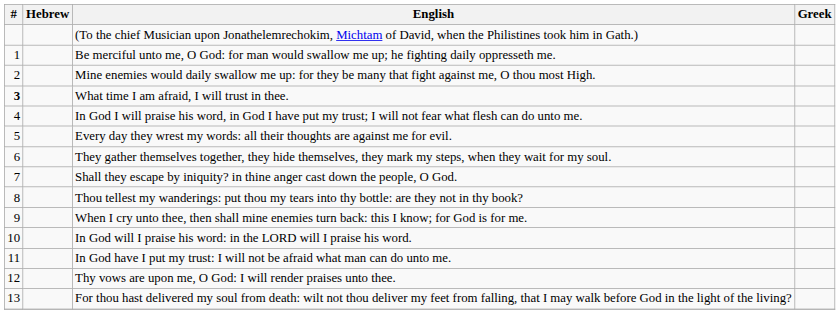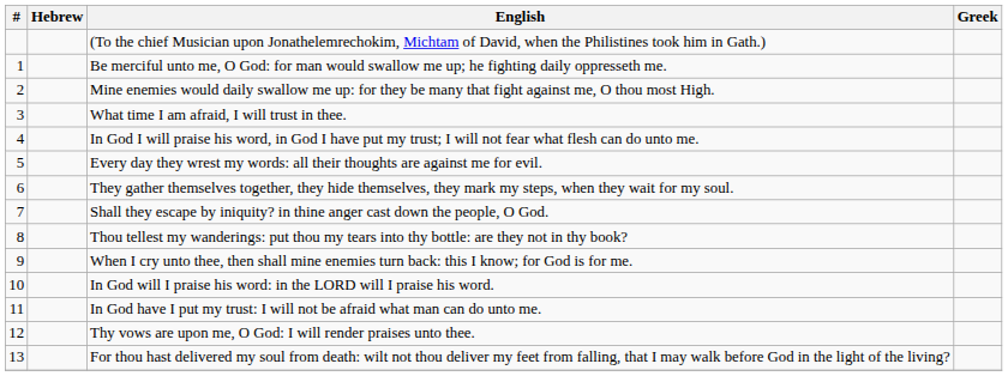 <table class=wikitable>
 <tr>
 <th>#</th>
 <th>Hebrew</th>
 <th>English</th>
 <th>Greek</th>
 </tr>
 <tr>
 <td style="text-align:right"></td>
 <td style="text-align:right"></td>
 <td>(To the chief Musician upon Jonathelemrechokim, <a href='#'>Michtam</a> of David, when the Philistines took him in Gath.)</td>
 <td></td>
 </tr>
 <tr>
 <td style="text-align:right">1</td>
 <td style="text-align:right"></td>
 <td>Be merciful unto me, O God: for man would swallow me up; he fighting daily oppresseth me.</td>
 <td></td>
 </tr>
 <tr>
 <td style="text-align:right">2</td>
 <td style="text-align:right"></td>
 <td>Mine enemies would daily swallow me up: for they be many that fight against me, O thou most High.</td>
 <td></td>
 </tr>
 <tr>
-<td style="text-align:right"><strong>3</strong></td>
+<td style="text-align:right">3</td>
 <td style="text-align:right"></td>
 <td>What time I am afraid, I will trust in thee.</td>
 <td></td>
 </tr>
 <tr>
 <td style="text-align:right">4</td>
 <td style="text-align:right"></td>
 <td>In God I will praise his word, in God I have put my trust; I will not fear what flesh can do unto me.</td>
 <td></td>
 </tr>
 <tr>
 <td style="text-align:right">5</td>
 <td style="text-align:right"></td>
 <td>Every day they wrest my words: all their thoughts are against me for evil.</td>
 <td></td>
 </tr>
 <tr>
 <td style="text-align:right">6</td>
 <td style="text-align:right"></td>
 <td>They gather themselves together, they hide themselves, they mark my steps, when they wait for my soul.</td>
 <td></td>
 </tr>
 <tr>
 <td style="text-align:right">7</td>
 <td style="text-align:right"></td>
 <td>Shall they escape by iniquity? in thine anger cast down the people, O God.</td>
 <td></td>
 </tr>
 <tr>
 <td style="text-align:right">8</td>
 <td style="text-align:right"></td>
 <td>Thou tellest my wanderings: put thou my tears into thy bottle: are they not in thy book?</td>
 <td></td>
 </tr>
 <tr>
 <td style="text-align:right">9</td>
 <td style="text-align:right"></td>
 <td>When I cry unto thee, then shall mine enemies turn back: this I know; for God is for me.</td>
 <td></td>
 </tr>
 <tr>
 <td style="text-align:right">10</td>
 <td style="text-align:right"></td>
 <td>In God will I praise his word: in the LORD will I praise his word.</td>
 <td></td>
 </tr>
 <tr>
 <td style="text-align:right">11</td>
 <td style="text-align:right"></td>
 <td>In God have I put my trust: I will not be afraid what man can do unto me.</td>
 <td></td>
 </tr>
 <tr>
 <td style="text-align:right">12</td>
 <td style="text-align:right"></td>
 <td>Thy vows are upon me, O God: I will render praises unto thee.</td>
 <td></td>
 </tr>
 <tr>
 <td style="text-align:right">13</td>
 <td style="text-align:right"></td>
 <td>For thou hast delivered my soul from death: wilt not thou deliver my feet from falling, that I may walk before God in the light of the living?</td>
 <td></td>
 </tr>
 <tr>
 </tr>
 </table>
